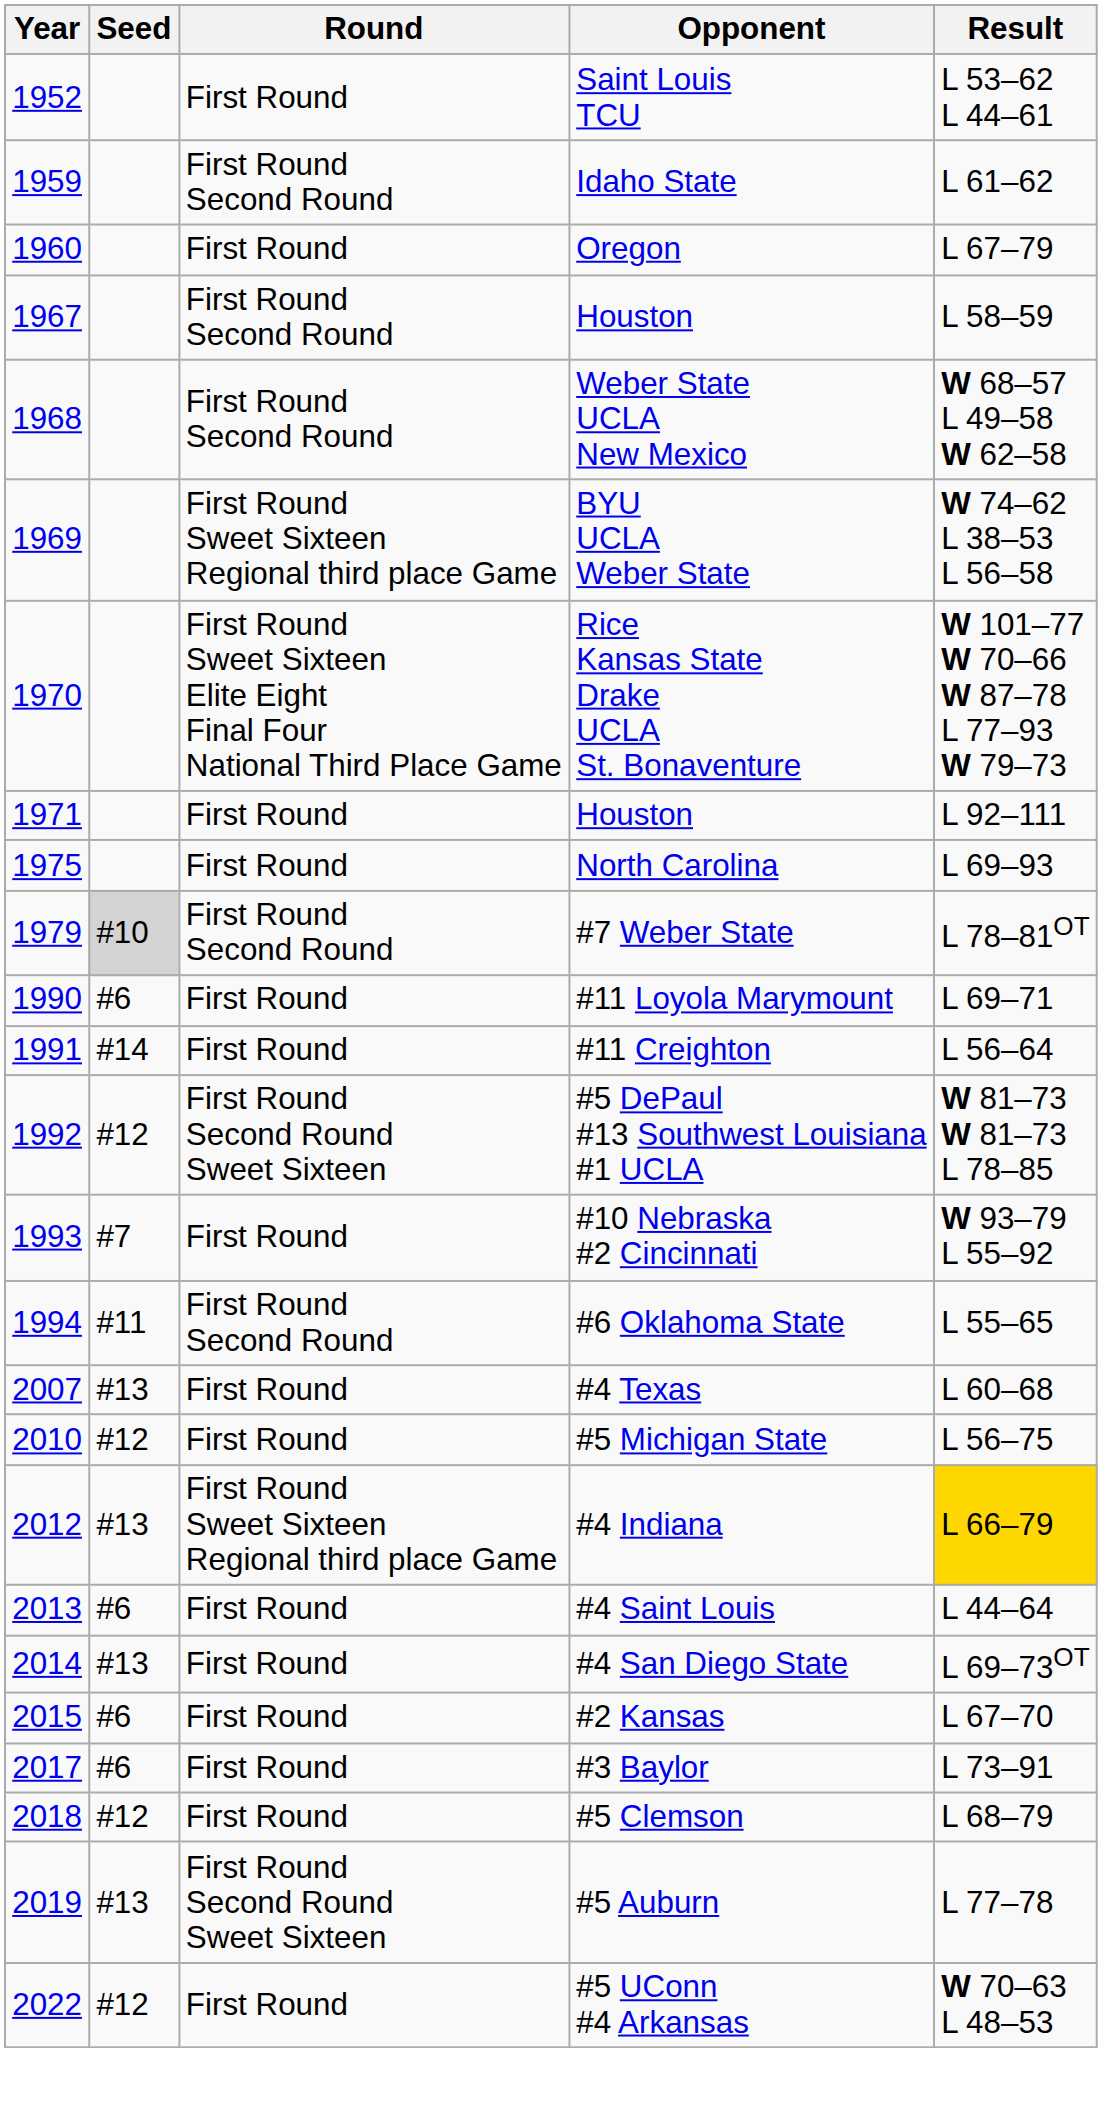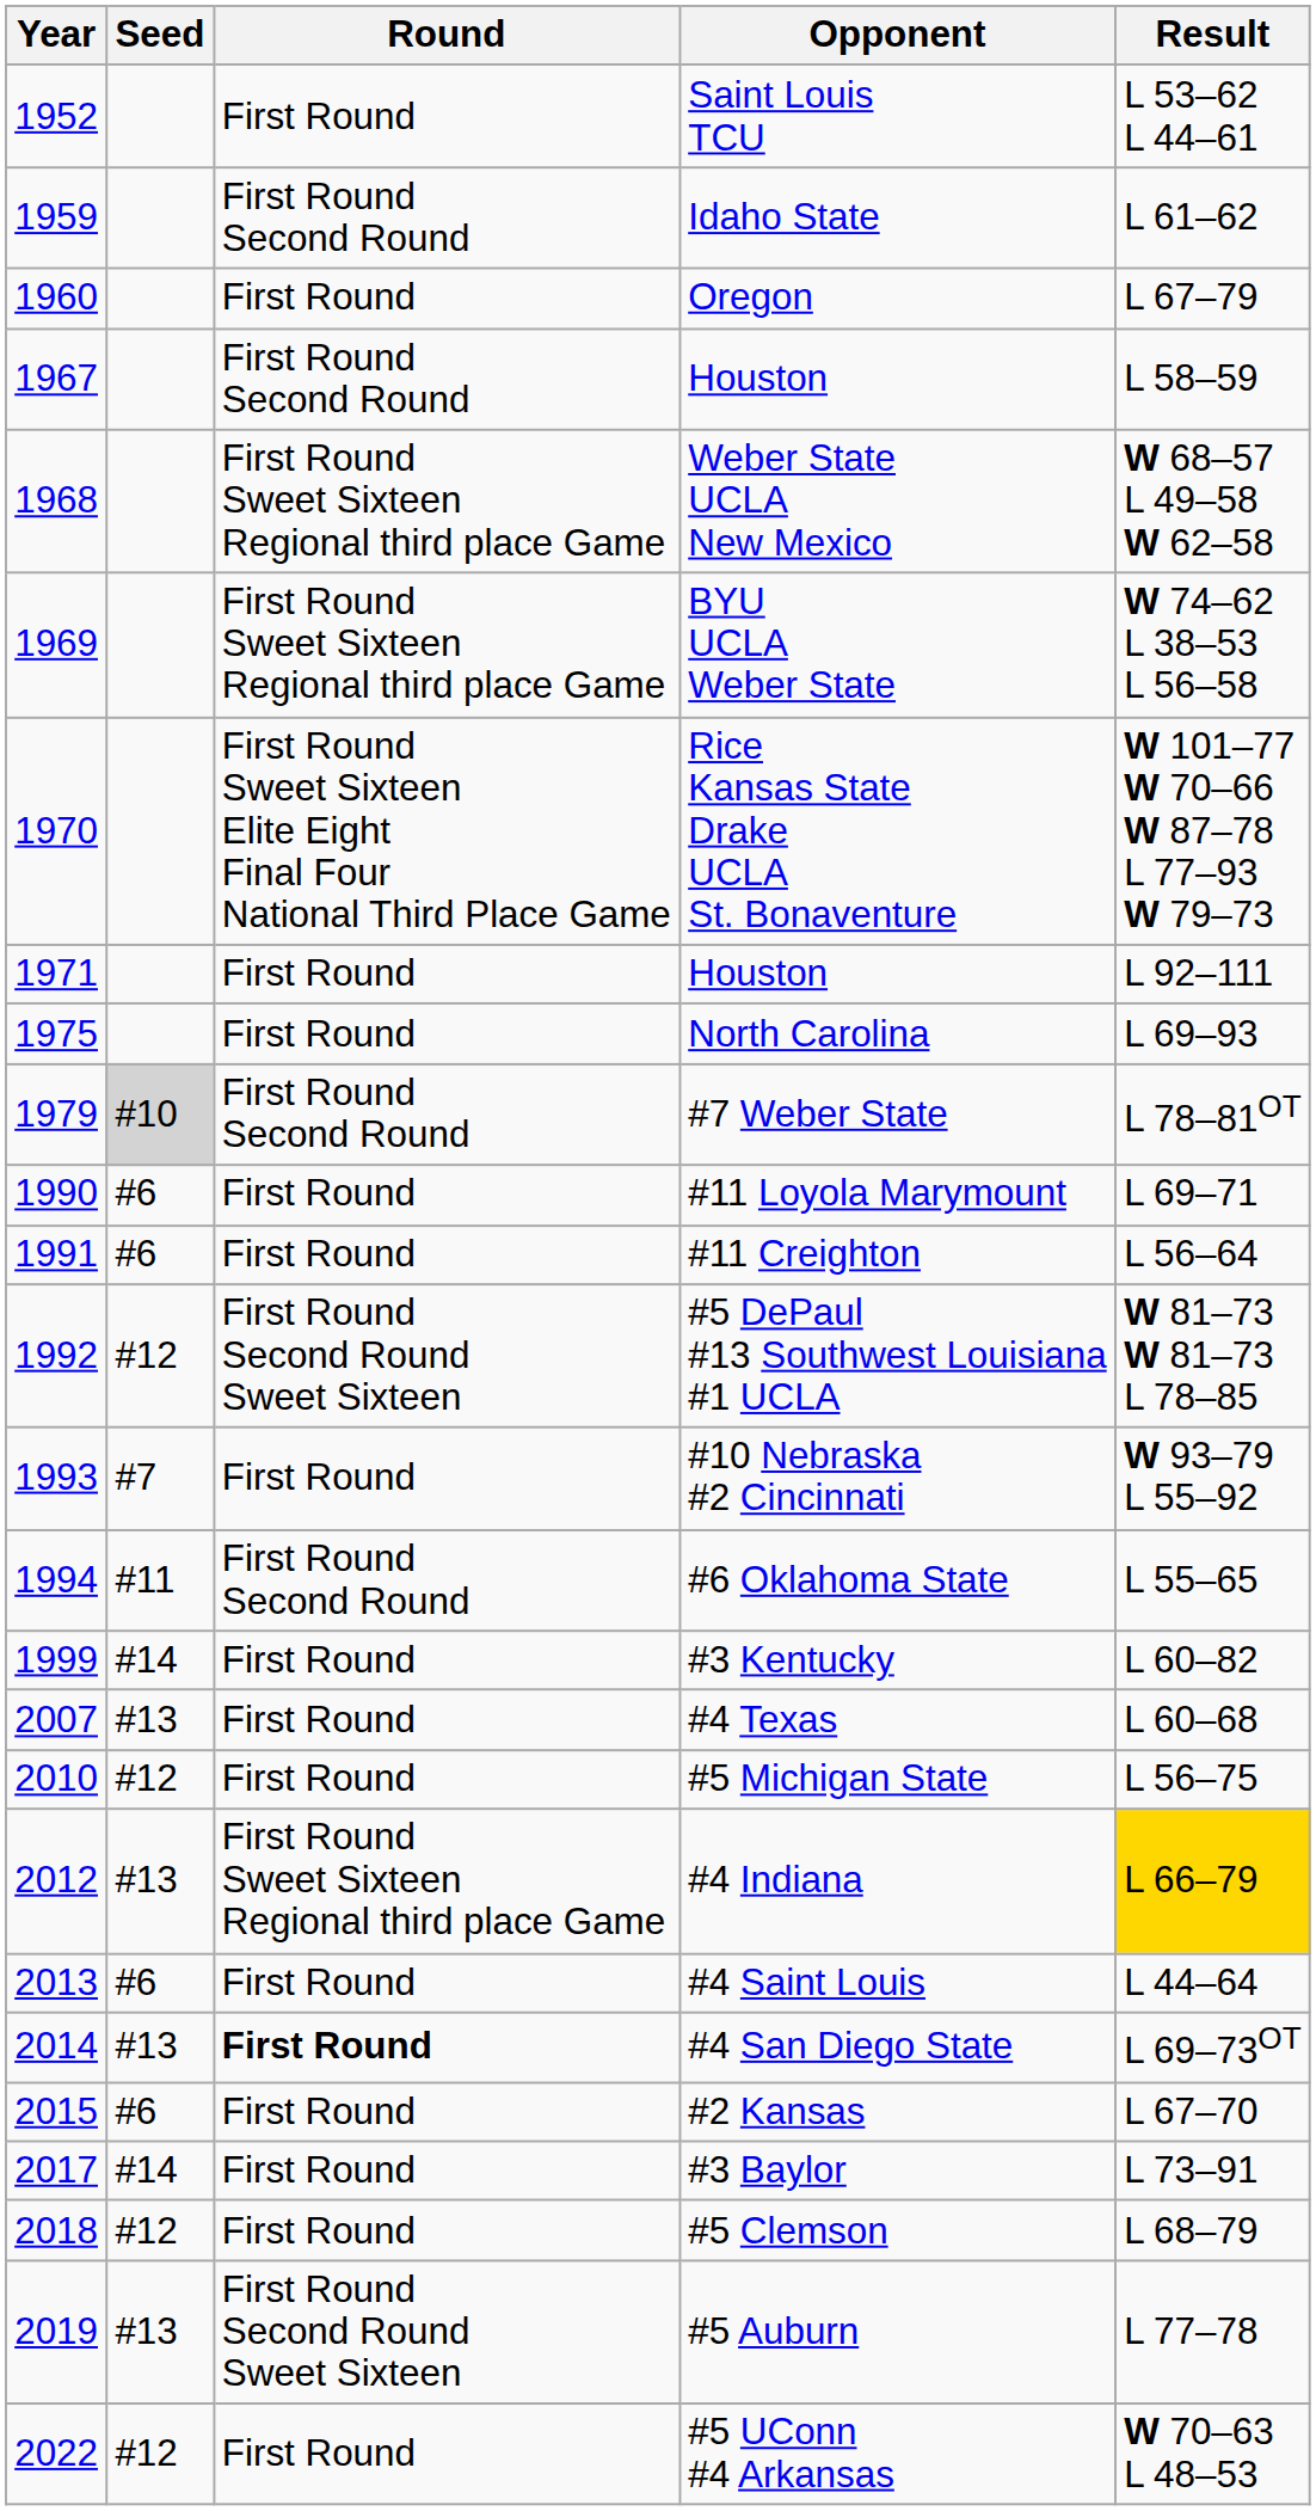 <table class="wikitable">
 <tr>
 <th>Year</th>
 <th>Seed</th>
 <th>Round</th>
 <th>Opponent</th>
 <th>Result</th>
 </tr>
 <tr>
 <td><a href='#'>1952</a></td>
 <td></td>
 <td>First Round</td>
 <td><a href='#'>Saint Louis</a><br><a href='#'>TCU</a></td>
 <td>L 53–62<br>L 44–61</td>
 </tr>
 <tr>
 <td><a href='#'>1959</a></td>
 <td></td>
 <td>First Round<br>Second Round</td>
 <td><a href='#'>Idaho State</a></td>
 <td>L 61–62</td>
 </tr>
 <tr>
 <td><a href='#'>1960</a></td>
 <td></td>
 <td>First Round</td>
 <td><a href='#'>Oregon</a></td>
 <td>L 67–79</td>
 </tr>
 <tr>
 <td><a href='#'>1967</a></td>
 <td></td>
 <td>First Round<br>Second Round</td>
 <td><a href='#'>Houston</a></td>
 <td>L 58–59</td>
 </tr>
 <tr>
 <td><a href='#'>1968</a></td>
 <td></td>
-<td>First Round<br>Second Round</td>
+<td>First Round<br>Sweet Sixteen<br>Regional third place Game</td>
 <td><a href='#'>Weber State</a><br><a href='#'>UCLA</a><br><a href='#'>New Mexico</a></td>
 <td><strong>W</strong> 68–57<br>L 49–58<br><strong>W</strong> 62–58</td>
 </tr>
 <tr>
 <td><a href='#'>1969</a></td>
 <td></td>
 <td>First Round<br>Sweet Sixteen<br>Regional third place Game</td>
 <td><a href='#'>BYU</a><br><a href='#'>UCLA</a><br><a href='#'>Weber State</a></td>
 <td><strong>W</strong> 74–62<br>L 38–53<br>L 56–58</td>
 </tr>
 <tr>
 <td><a href='#'>1970</a></td>
 <td></td>
 <td>First Round<br>Sweet Sixteen<br>Elite Eight<br>Final Four<br>National Third Place Game</td>
 <td><a href='#'>Rice</a><br><a href='#'>Kansas State</a><br><a href='#'>Drake</a><br><a href='#'>UCLA</a><br><a href='#'>St. Bonaventure</a></td>
 <td><strong>W</strong> 101–77<br><strong>W</strong> 70–66<br><strong>W</strong> 87–78<br>L 77–93<br><strong>W</strong> 79–73</td>
 </tr>
 <tr>
 <td><a href='#'>1971</a></td>
 <td></td>
 <td>First Round</td>
 <td><a href='#'>Houston</a></td>
 <td>L 92–111</td>
 </tr>
 <tr>
 <td><a href='#'>1975</a></td>
 <td></td>
 <td>First Round</td>
 <td><a href='#'>North Carolina</a></td>
 <td>L 69–93</td>
 </tr>
 <tr>
 <td><a href='#'>1979</a></td>
 <td style="background: lightgrey;">#10</td>
 <td>First Round<br>Second Round</td>
 <td>#7 <a href='#'>Weber State</a></td>
 <td>L 78–81<sup>OT</sup></td>
 </tr>
 <tr>
 <td><a href='#'>1990</a></td>
 <td>#6</td>
 <td>First Round</td>
 <td>#11 <a href='#'>Loyola Marymount</a></td>
 <td>L 69–71</td>
 </tr>
 <tr>
 <td><a href='#'>1991</a></td>
-<td>#14</td>
+<td>#6</td>
 <td>First Round</td>
 <td>#11 <a href='#'>Creighton</a></td>
 <td>L 56–64</td>
 </tr>
 <tr>
 <td><a href='#'>1992</a></td>
 <td>#12</td>
 <td>First Round<br>Second Round<br>Sweet Sixteen</td>
 <td>#5 <a href='#'>DePaul</a><br>#13 <a href='#'>Southwest Louisiana</a><br>#1 <a href='#'>UCLA</a></td>
 <td><strong>W</strong> 81–73<br><strong>W</strong> 81–73<br>L 78–85</td>
 </tr>
 <tr>
 <td><a href='#'>1993</a></td>
 <td>#7</td>
 <td>First Round</td>
 <td>#10 <a href='#'>Nebraska</a><br>#2 <a href='#'>Cincinnati</a></td>
 <td><strong>W</strong> 93–79<br>L 55–92</td>
 </tr>
 <tr>
 <td><a href='#'>1994</a></td>
 <td>#11</td>
 <td>First Round<br>Second Round</td>
 <td>#6 <a href='#'>Oklahoma State</a></td>
 <td>L 55–65</td>
+</tr>
+<tr>
+<td><a href='#'>1999</a></td>
+<td>#14</td>
+<td>First Round</td>
+<td>#3 <a href='#'>Kentucky</a></td>
+<td>L 60–82</td>
 </tr>
 <tr>
 <td><a href='#'>2007</a></td>
 <td>#13</td>
 <td>First Round</td>
 <td>#4 <a href='#'>Texas</a></td>
 <td>L 60–68</td>
 </tr>
 <tr>
 <td><a href='#'>2010</a></td>
 <td>#12</td>
 <td>First Round</td>
 <td>#5 <a href='#'>Michigan State</a></td>
 <td>L 56–75</td>
 </tr>
 <tr>
 <td><a href='#'>2012</a></td>
 <td>#13</td>
 <td>First Round<br>Sweet Sixteen<br>Regional third place Game</td>
 <td>#4 <a href='#'>Indiana</a></td>
 <td style="background: gold;">L 66–79</td>
 </tr>
 <tr>
 <td><a href='#'>2013</a></td>
 <td>#6</td>
 <td>First Round</td>
 <td>#4 <a href='#'>Saint Louis</a></td>
 <td>L 44–64</td>
 </tr>
 <tr>
 <td><a href='#'>2014</a></td>
 <td>#13</td>
-<td>First Round</td>
+<td><strong>First Round</strong></td>
 <td>#4 <a href='#'>San Diego State</a></td>
 <td>L 69–73<sup>OT</sup></td>
 </tr>
 <tr>
 <td><a href='#'>2015</a></td>
 <td>#6</td>
 <td>First Round</td>
 <td>#2 <a href='#'>Kansas</a></td>
 <td>L 67–70</td>
 </tr>
 <tr>
 <td><a href='#'>2017</a></td>
-<td>#6</td>
+<td>#14</td>
 <td>First Round</td>
 <td>#3 <a href='#'>Baylor</a></td>
 <td>L 73–91</td>
 </tr>
 <tr>
 <td><a href='#'>2018</a></td>
 <td>#12</td>
 <td>First Round</td>
 <td>#5 <a href='#'>Clemson</a></td>
 <td>L 68–79</td>
 </tr>
 <tr>
 <td><a href='#'>2019</a></td>
 <td>#13</td>
 <td>First Round<br>Second Round<br>Sweet Sixteen</td>
 <td>#5 <a href='#'>Auburn</a></td>
 <td>L 77–78</td>
 </tr>
 <tr>
 <td><a href='#'>2022</a></td>
 <td>#12</td>
 <td>First Round</td>
 <td>#5 <a href='#'>UConn</a><br>#4 <a href='#'>Arkansas</a></td>
 <td><strong>W</strong> 70–63<br> L 48–53</td>
 </tr>
 </table>
